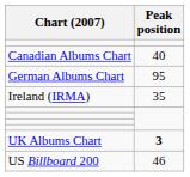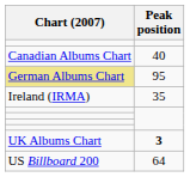 <table class="wikitable sortable">
 <tr>
 <th>Chart (2007)</th>
 <th>Peak<br>position</th>
 </tr>
 <tr>
 <td></td>
 </tr>
 <tr>
 <td><a href='#'>Canadian Albums Chart</a></td>
 <td align="center">40</td>
 </tr>
 <tr>
-<td><a href='#'>German Albums Chart</a></td>
+<td style="background: khaki;"><a href='#'>German Albums Chart</a></td>
 <td align="center">95</td>
 </tr>
 <tr>
 <td>Ireland (<a href='#'>IRMA</a>)</td>
 <td align="center">35</td>
 </tr>
 <tr>
 <td></td>
 </tr>
 <tr>
 <td></td>
 </tr>
 <tr>
 <td></td>
 </tr>
 <tr>
 <td></td>
 </tr>
 <tr>
 <td><a href='#'>UK Albums Chart</a></td>
 <td align="center"><strong>3</strong></td>
 </tr>
 <tr>
 <td>US <a href='#'><em>Billboard</em> 200</a></td>
-<td align="center">46</td>
+<td align="center">64</td>
 </tr>
 </table>
